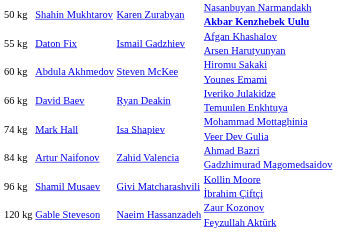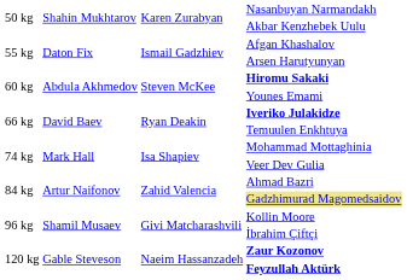 <table>
 <tr>
 <td rowspan=2>50 kg</td>
 <td rowspan=2> <a href='#'>Shahin Mukhtarov</a></td>
 <td rowspan=2> <a href='#'>Karen Zurabyan</a></td>
 <td> <a href='#'>Nasanbuyan Narmandakh</a></td>
 </tr>
 <tr>
-<td><strong> <a href='#'>Akbar Kenzhebek Uulu</a></strong></td>
+<td> <a href='#'>Akbar Kenzhebek Uulu</a></td>
 </tr>
 <tr>
 <td rowspan=2>55 kg</td>
 <td rowspan=2> <a href='#'>Daton Fix</a></td>
 <td rowspan=2> <a href='#'>Ismail Gadzhiev</a></td>
 <td> <a href='#'>Afgan Khashalov</a></td>
 </tr>
 <tr>
 <td> <a href='#'>Arsen Harutyunyan</a></td>
 </tr>
 <tr>
 <td rowspan=2>60 kg</td>
 <td rowspan=2> <a href='#'>Abdula Akhmedov</a></td>
 <td rowspan=2> <a href='#'>Steven McKee</a></td>
-<td> <a href='#'>Hiromu Sakaki</a></td>
+<td><strong> <a href='#'>Hiromu Sakaki</a></strong></td>
 </tr>
 <tr>
 <td> <a href='#'>Younes Emami</a></td>
 </tr>
 <tr>
 <td rowspan=2>66 kg</td>
 <td rowspan=2> <a href='#'>David Baev</a></td>
 <td rowspan=2> <a href='#'>Ryan Deakin</a></td>
-<td> <a href='#'>Iveriko Julakidze</a></td>
+<td><strong> <a href='#'>Iveriko Julakidze</a></strong></td>
 </tr>
 <tr>
 <td> <a href='#'>Temuulen Enkhtuya</a></td>
 </tr>
 <tr>
 <td rowspan=2>74 kg</td>
 <td rowspan=2> <a href='#'>Mark Hall</a></td>
 <td rowspan=2> <a href='#'>Isa Shapiev</a></td>
 <td> <a href='#'>Mohammad Mottaghinia</a></td>
 </tr>
 <tr>
 <td> <a href='#'>Veer Dev Gulia</a></td>
 </tr>
 <tr>
 <td rowspan=2>84 kg</td>
 <td rowspan=2> <a href='#'>Artur Naifonov</a></td>
 <td rowspan=2> <a href='#'>Zahid Valencia</a></td>
 <td> <a href='#'>Ahmad Bazri</a></td>
 </tr>
 <tr>
-<td> <a href='#'>Gadzhimurad Magomedsaidov</a></td>
+<td style="background: khaki;"> <a href='#'>Gadzhimurad Magomedsaidov</a></td>
 </tr>
 <tr>
 <td rowspan=2>96 kg</td>
 <td rowspan=2> <a href='#'>Shamil Musaev</a></td>
 <td rowspan=2> <a href='#'>Givi Matcharashvili</a></td>
 <td> <a href='#'>Kollin Moore</a></td>
 </tr>
 <tr>
 <td> <a href='#'>İbrahim Çiftçi</a></td>
 </tr>
 <tr>
 <td rowspan=2>120 kg</td>
 <td rowspan=2> <a href='#'>Gable Steveson</a></td>
 <td rowspan=2> <a href='#'>Naeim Hassanzadeh</a></td>
-<td> <a href='#'>Zaur Kozonov</a></td>
+<td><strong> <a href='#'>Zaur Kozonov</a></strong></td>
 </tr>
 <tr>
-<td> <a href='#'>Feyzullah Aktürk</a></td>
+<td><strong> <a href='#'>Feyzullah Aktürk</a></strong></td>
 </tr>
 </table>
